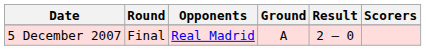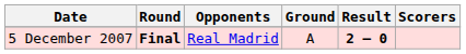 <table class="wikitable" style="text-align:center">
 <tr>
 <th>Date</th>
 <th>Round</th>
 <th>Opponents</th>
 <th>Ground</th>
 <th>Result</th>
 <th>Scorers</th>
 </tr>
 <tr>
 </tr>
 <tr bgcolor="#ffdddd">
 <td>5 December 2007</td>
-<td>Final</td>
+<td><strong>Final</strong></td>
 <td> <a href='#'>Real Madrid</a></td>
 <td>A</td>
-<td>2 – 0</td>
+<td><strong>2 – 0</strong></td>
 <td></td>
 </tr>
 </table>
